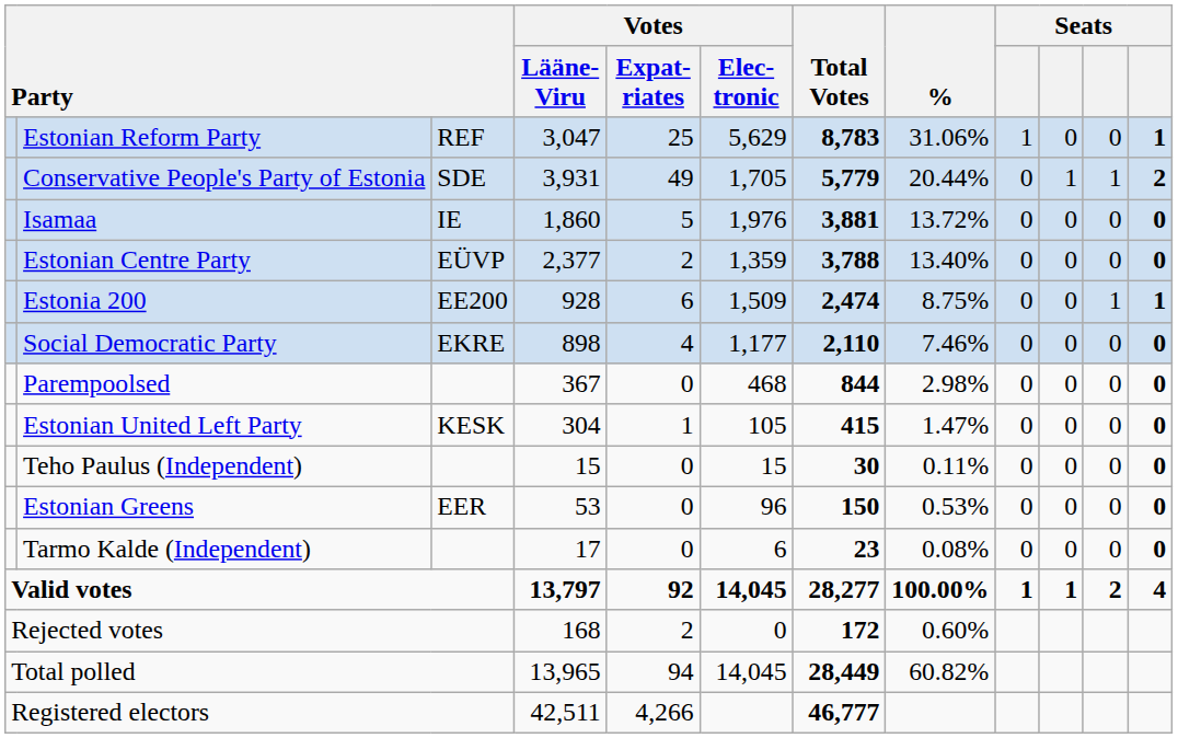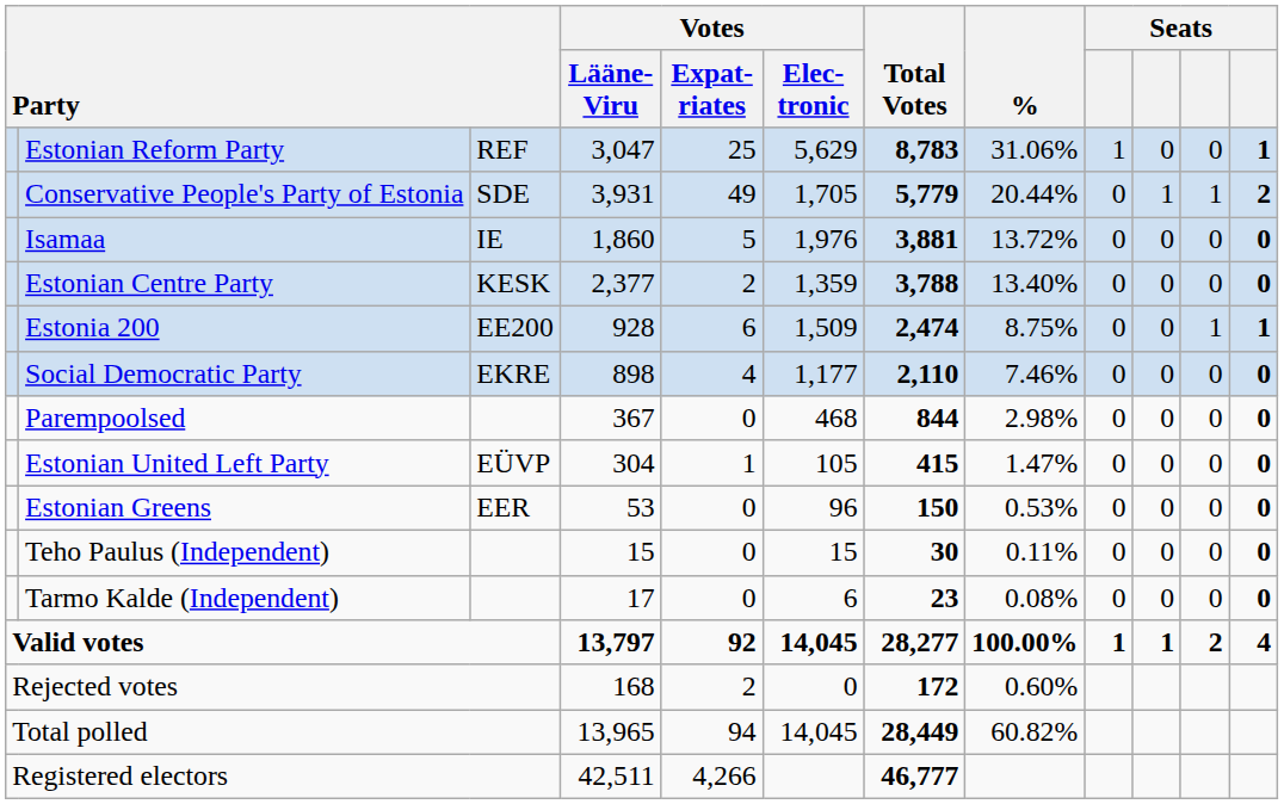 <table class="wikitable" border="1" style="text-align:right;">
 <tr>
 <th style="text-align:left;" valign=bottom rowspan=2 colspan=3>Party</th>
 <th colspan=3>Votes</th>
 <th align=center valign=bottom rowspan=2 width="50">Total Votes</th>
 <th align=center valign=bottom rowspan=2 width="50">%</th>
 <th colspan=4>Seats</th>
 </tr>
 <tr>
 <th align=center valign=bottom width="50"><a href='#'>Lääne- Viru</a></th>
 <th align=center valign=bottom width="50"><a href='#'>Expat- riates</a></th>
 <th align=center valign=bottom width="50"><a href='#'>Elec- tronic</a></th>
 <th align=center valign=bottom width="20"><small></small></th>
 <th align=center valign=bottom width="20"><small></small></th>
 <th align=center valign=bottom width="20"><small></small></th>
 <th align=center valign=bottom width="20"><small></small></th>
 </tr>
 <tr style="background:#CEE0F2;">
 <td style="background:"></td>
 <td align=left><a href='#'>Estonian Reform Party</a></td>
 <td align=left>REF</td>
 <td>3,047</td>
 <td>25</td>
 <td>5,629</td>
 <td><strong>8,783</strong></td>
 <td>31.06%</td>
 <td>1</td>
 <td>0</td>
 <td>0</td>
 <td><strong>1</strong></td>
 </tr>
 <tr style="background:#CEE0F2;">
 <td style="background:"></td>
 <td align=left><a href='#'>Conservative People's Party of Estonia</a></td>
 <td align=left>SDE</td>
 <td>3,931</td>
 <td>49</td>
 <td>1,705</td>
 <td><strong>5,779</strong></td>
 <td>20.44%</td>
 <td>0</td>
 <td>1</td>
 <td>1</td>
 <td><strong>2</strong></td>
 </tr>
 <tr style="background:#CEE0F2;">
 <td style="background:"></td>
 <td align=left><a href='#'>Isamaa</a></td>
 <td align=left>IE</td>
 <td>1,860</td>
 <td>5</td>
 <td>1,976</td>
 <td><strong>3,881</strong></td>
 <td>13.72%</td>
 <td>0</td>
 <td>0</td>
 <td>0</td>
 <td><strong>0</strong></td>
 </tr>
 <tr style="background:#CEE0F2;">
 <td style="background:"></td>
 <td align=left><a href='#'>Estonian Centre Party</a></td>
-<td align=left>EÜVP</td>
+<td align=left>KESK</td>
 <td>2,377</td>
 <td>2</td>
 <td>1,359</td>
 <td><strong>3,788</strong></td>
 <td>13.40%</td>
 <td>0</td>
 <td>0</td>
 <td>0</td>
 <td><strong>0</strong></td>
 </tr>
 <tr style="background:#CEE0F2;">
 <td style="background:"></td>
 <td align=left><a href='#'>Estonia 200</a></td>
 <td align=left>EE200</td>
 <td>928</td>
 <td>6</td>
 <td>1,509</td>
 <td><strong>2,474</strong></td>
 <td>8.75%</td>
 <td>0</td>
 <td>0</td>
 <td>1</td>
 <td><strong>1</strong></td>
 </tr>
 <tr style="background:#CEE0F2;">
 <td style="background:"></td>
 <td align=left><a href='#'>Social Democratic Party</a></td>
 <td align=left>EKRE</td>
 <td>898</td>
 <td>4</td>
 <td>1,177</td>
 <td><strong>2,110</strong></td>
 <td>7.46%</td>
 <td>0</td>
 <td>0</td>
 <td>0</td>
 <td><strong>0</strong></td>
 </tr>
 <tr>
 <td style="background:"></td>
 <td align=left><a href='#'>Parempoolsed</a></td>
 <td align=left></td>
 <td>367</td>
 <td>0</td>
 <td>468</td>
 <td><strong>844</strong></td>
 <td>2.98%</td>
 <td>0</td>
 <td>0</td>
 <td>0</td>
 <td><strong>0</strong></td>
 </tr>
 <tr>
 <td style="background:"></td>
 <td align=left><a href='#'>Estonian United Left Party</a></td>
-<td align=left>KESK</td>
+<td align=left>EÜVP</td>
 <td>304</td>
 <td>1</td>
 <td>105</td>
 <td><strong>415</strong></td>
 <td>1.47%</td>
+<td>0</td>
+<td>0</td>
+<td>0</td>
+<td><strong>0</strong></td>
+</tr>
+<tr>
+<td style="background:"></td>
+<td align=left><a href='#'>Estonian Greens</a></td>
+<td align=left>EER</td>
+<td>53</td>
+<td>0</td>
+<td>96</td>
+<td><strong>150</strong></td>
+<td>0.53%</td>
 <td>0</td>
 <td>0</td>
 <td>0</td>
 <td><strong>0</strong></td>
 </tr>
 <tr>
 <td style="background:"></td>
 <td align=left>Teho Paulus (<a href='#'>Independent</a>)</td>
 <td></td>
 <td>15</td>
 <td>0</td>
 <td>15</td>
 <td><strong>30</strong></td>
 <td>0.11%</td>
-<td>0</td>
-<td>0</td>
-<td>0</td>
-<td><strong>0</strong></td>
-</tr>
-<tr>
-<td style="background:"></td>
-<td align=left><a href='#'>Estonian Greens</a></td>
-<td align=left>EER</td>
-<td>53</td>
-<td>0</td>
-<td>96</td>
-<td><strong>150</strong></td>
-<td>0.53%</td>
 <td>0</td>
 <td>0</td>
 <td>0</td>
 <td><strong>0</strong></td>
 </tr>
 <tr>
 <td style="background:"></td>
 <td align=left>Tarmo Kalde (<a href='#'>Independent</a>)</td>
 <td></td>
 <td>17</td>
 <td>0</td>
 <td>6</td>
 <td><strong>23</strong></td>
 <td>0.08%</td>
 <td>0</td>
 <td>0</td>
 <td>0</td>
 <td><strong>0</strong></td>
 </tr>
 <tr style="font-weight:bold">
 <td align=left colspan=3>Valid votes</td>
 <td>13,797</td>
 <td>92</td>
 <td>14,045</td>
 <td>28,277</td>
 <td>100.00%</td>
 <td>1</td>
 <td>1</td>
 <td>2</td>
 <td>4</td>
 </tr>
 <tr>
 <td align=left colspan=3>Rejected votes</td>
 <td>168</td>
 <td>2</td>
 <td>0</td>
 <td><strong>172</strong></td>
 <td>0.60%</td>
 <td></td>
 <td></td>
 <td></td>
 <td></td>
 </tr>
 <tr>
 <td align=left colspan=3>Total polled</td>
 <td>13,965</td>
 <td>94</td>
 <td>14,045</td>
 <td><strong>28,449</strong></td>
 <td>60.82%</td>
 <td></td>
 <td></td>
 <td></td>
 <td></td>
 </tr>
 <tr>
 <td align=left colspan=3>Registered electors</td>
 <td>42,511</td>
 <td>4,266</td>
 <td></td>
 <td><strong>46,777</strong></td>
 <td></td>
 <td></td>
 <td></td>
 <td></td>
 <td></td>
 </tr>
 </table>
